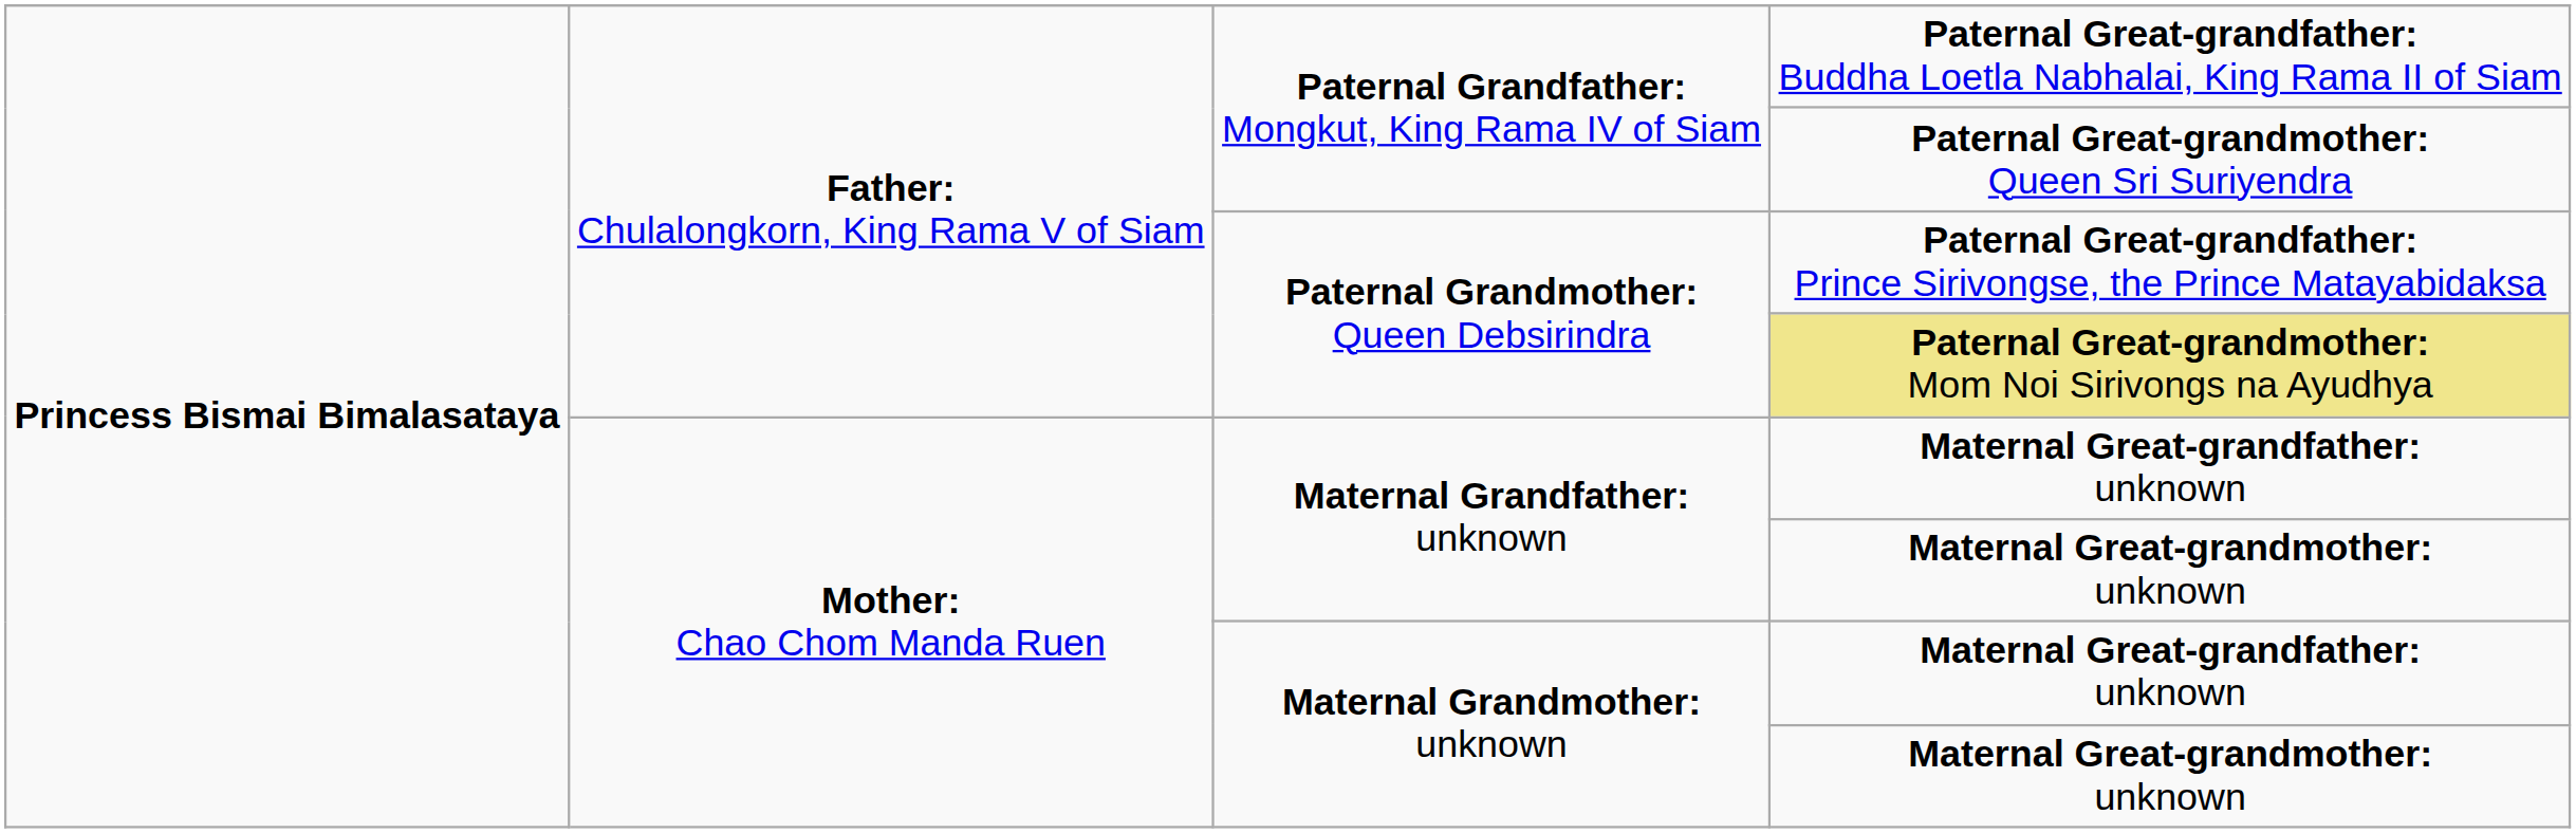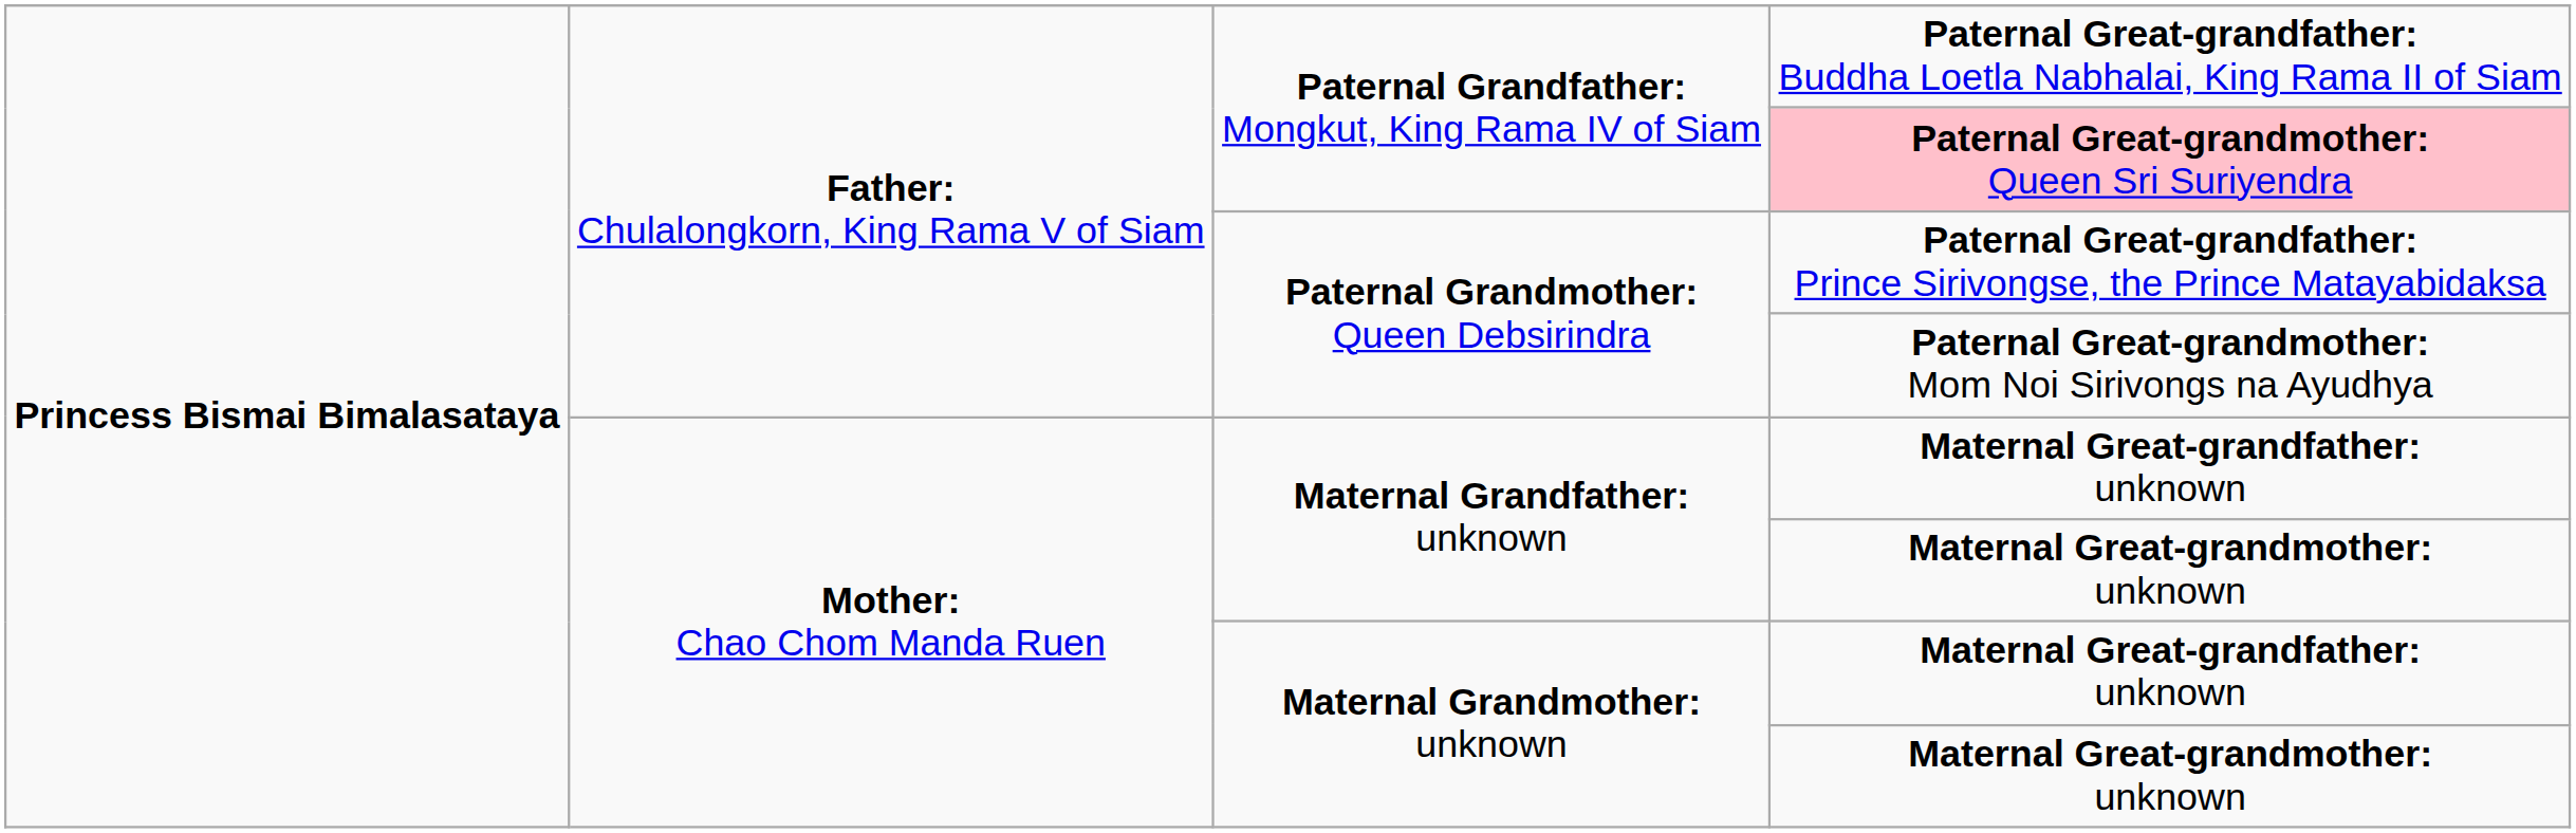 <table class="wikitable">
 <tr>
 </tr>
 <tr>
 <td rowspan="8" align="center"><strong>Princess Bismai Bimalasataya</strong></td>
 <td rowspan="4" align="center"><strong>Father:</strong><br><a href='#'>Chulalongkorn, King Rama V of Siam</a></td>
 <td rowspan="2" align="center"><strong>Paternal Grandfather:</strong><br><a href='#'>Mongkut, King Rama IV of Siam</a></td>
 <td align = "center"><strong>Paternal Great-grandfather:</strong><br><a href='#'>Buddha Loetla Nabhalai, King Rama II of Siam</a></td>
 </tr>
 <tr>
-<td align = "center"><strong>Paternal Great-grandmother:</strong><br><a href='#'>Queen Sri Suriyendra</a></td>
+<td align = "center" style="background: pink;"><strong>Paternal Great-grandmother:</strong><br><a href='#'>Queen Sri Suriyendra</a></td>
 </tr>
 <tr>
 <td rowspan="2" align="center"><strong>Paternal Grandmother:</strong><br><a href='#'>Queen Debsirindra</a></td>
 <td align = "center"><strong>Paternal Great-grandfather:</strong><br><a href='#'>Prince Sirivongse, the Prince Matayabidaksa</a></td>
 </tr>
 <tr>
-<td align = "center" style="background: khaki;"><strong>Paternal Great-grandmother:</strong><br>Mom Noi Sirivongs na Ayudhya</td>
+<td align = "center"><strong>Paternal Great-grandmother:</strong><br>Mom Noi Sirivongs na Ayudhya</td>
 </tr>
 <tr>
 <td rowspan="4" align="center"><strong>Mother:</strong><br><a href='#'>Chao Chom Manda Ruen</a></td>
 <td rowspan="2" align="center"><strong>Maternal Grandfather:</strong><br>unknown</td>
 <td align = "center"><strong>Maternal Great-grandfather:</strong><br>unknown</td>
 </tr>
 <tr>
 <td align = "center"><strong>Maternal Great-grandmother:</strong><br>unknown</td>
 </tr>
 <tr>
 <td rowspan="2" align="center"><strong>Maternal Grandmother:</strong><br>unknown</td>
 <td align = "center"><strong>Maternal Great-grandfather:</strong><br>unknown</td>
 </tr>
 <tr>
 <td align = "center"><strong>Maternal Great-grandmother:</strong><br>unknown</td>
 </tr>
 </table>
